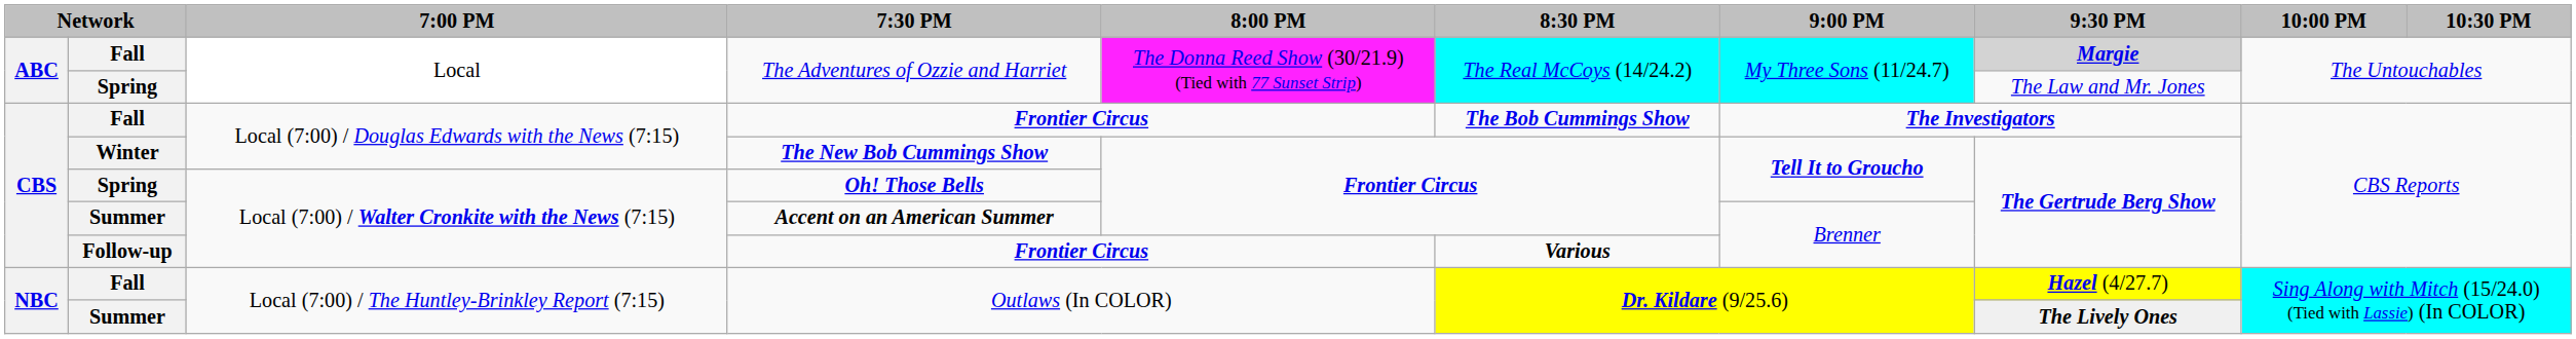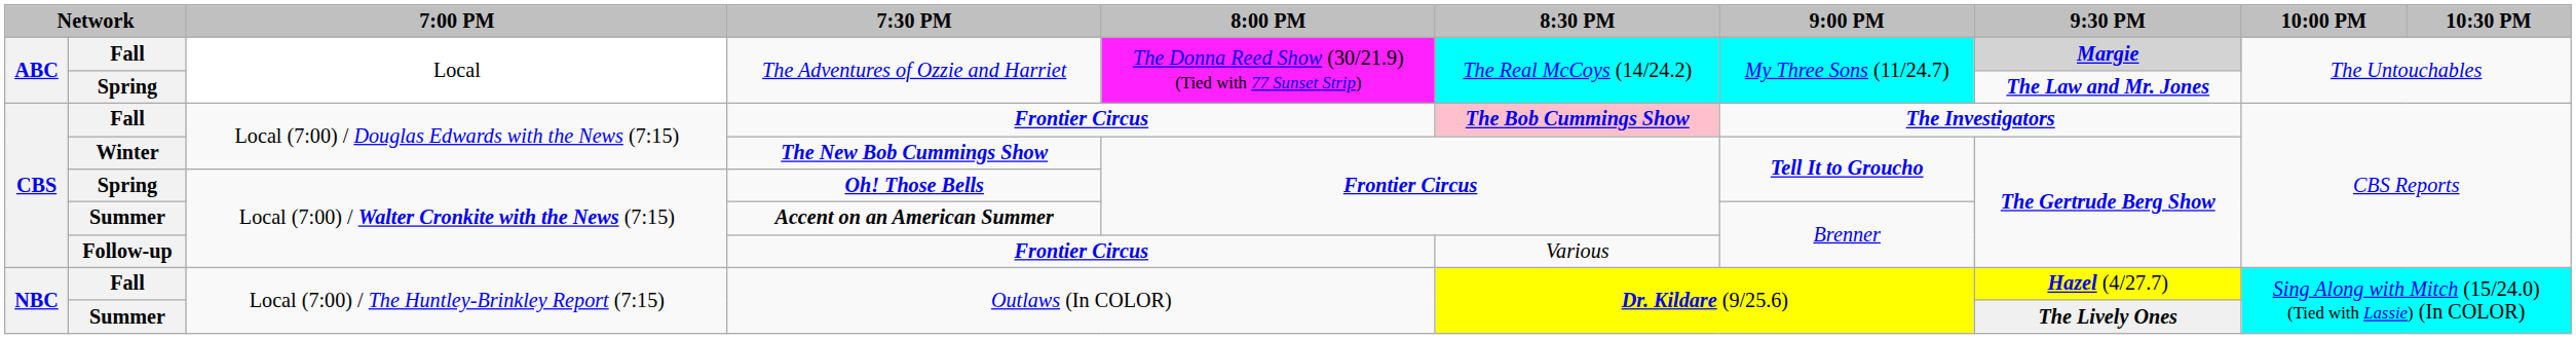 <table class="wikitable" style="width:100%;margin-right:0;text-align:center">
 <tr>
 <th colspan="2" style="background-color:#C0C0C0;text-align:center">Network</th>
 <th style="background-color:#C0C0C0;text-align:center">7:00 PM</th>
 <th style="background-color:#C0C0C0;text-align:center">7:30 PM</th>
 <th style="background-color:#C0C0C0;text-align:center">8:00 PM</th>
 <th style="background-color:#C0C0C0;text-align:center">8:30 PM</th>
 <th style="background-color:#C0C0C0;text-align:center">9:00 PM</th>
 <th style="background-color:#C0C0C0;text-align:center">9:30 PM</th>
 <th style="background-color:#C0C0C0;text-align:center">10:00 PM</th>
 <th style="background-color:#C0C0C0;text-align:center">10:30 PM</th>
 </tr>
 <tr>
 <th rowspan="2"><a href='#'>ABC</a></th>
 <th>Fall</th>
 <td bgcolor="white" rowspan="2">Local</td>
 <td rowspan="2"><em><a href='#'>The Adventures of Ozzie and Harriet</a></em></td>
 <td bgcolor="#FF22FF" rowspan="2"><em><a href='#'>The Donna Reed Show</a></em> (30/21.9)<br><small>(Tied with <em><a href='#'>77 Sunset Strip</a></em>)</small></td>
 <td bgcolor="#00FFFF" rowspan="2"><em><a href='#'>The Real McCoys</a></em> (14/24.2)</td>
 <td bgcolor="#00FFFF" rowspan="2"><em><a href='#'>My Three Sons</a></em> (11/24.7)</td>
 <td style="background: lightgrey;"><strong><em><a href='#'>Margie</a></em></strong></td>
 <td colspan="2" rowspan="2"><em><a href='#'>The Untouchables</a></em></td>
 </tr>
 <tr>
 <th>Spring</th>
-<td><em><a href='#'>The Law and Mr. Jones</a></em></td>
+<td><strong><em><a href='#'>The Law and Mr. Jones</a></em></strong></td>
 </tr>
 <tr>
 <th rowspan="5"><a href='#'>CBS</a></th>
 <th>Fall</th>
 <td rowspan="2">Local (7:00) / <em><a href='#'>Douglas Edwards with the News</a></em> (7:15)</td>
 <td colspan="2"><strong><em><a href='#'>Frontier Circus</a></em></strong></td>
-<td><strong><em><a href='#'>The Bob Cummings Show</a></em></strong></td>
+<td style="background: pink;"><strong><em><a href='#'>The Bob Cummings Show</a></em></strong></td>
 <td colspan="2"><strong><em><a href='#'>The Investigators</a></em></strong></td>
 <td colspan="2" rowspan="5"><em><a href='#'>CBS Reports</a></em></td>
 </tr>
 <tr>
 <th>Winter</th>
 <td><strong><em><a href='#'>The New Bob Cummings Show</a></em></strong></td>
 <td colspan="2" rowspan="3"><strong><em><a href='#'>Frontier Circus</a></em></strong></td>
 <td rowspan="2"><strong><em><a href='#'>Tell It to Groucho</a></em></strong></td>
 <td rowspan="4"><strong><em><a href='#'>The Gertrude Berg Show</a></em></strong></td>
 </tr>
 <tr>
 <th>Spring</th>
 <td rowspan="3">Local (7:00) / <strong><em><a href='#'>Walter Cronkite with the News</a></em></strong> (7:15)</td>
 <td><strong><em><a href='#'>Oh! Those Bells</a></em></strong></td>
 </tr>
 <tr>
 <th>Summer</th>
 <td><strong><em>Accent on an American Summer</em></strong></td>
 <td rowspan="2"><em><a href='#'>Brenner</a></em></td>
 </tr>
 <tr>
 <th>Follow-up</th>
 <td colspan="2"><strong><em><a href='#'>Frontier Circus</a></em></strong></td>
-<td><strong><em>Various</em></strong></td>
+<td><em>Various</em></td>
 </tr>
 <tr>
 <th rowspan="2"><a href='#'>NBC</a></th>
 <th>Fall</th>
 <td rowspan="2">Local (7:00) / <em><a href='#'>The Huntley-Brinkley Report</a></em> (7:15)</td>
 <td colspan="2" rowspan="2"><em><a href='#'>Outlaws</a></em> (In <span>C</span><span>O</span><span>L</span><span>O</span><span>R</span>)</td>
 <td colspan="2" bgcolor="#FFFF00" rowspan="2"><strong><em><a href='#'>Dr. Kildare</a></em></strong> (9/25.6)</td>
 <td bgcolor="#FFFF00"><strong><em><a href='#'>Hazel</a></em></strong> (4/27.7)</td>
 <td colspan="2" bgcolor="#00FFFF" rowspan="2"><em><a href='#'>Sing Along with Mitch</a></em> (15/24.0)<br><small>(Tied with <em><a href='#'>Lassie</a></em>)</small> (In <span>C</span><span>O</span><span>L</span><span>O</span><span>R</span>)</td>
 </tr>
 <tr>
 <th>Summer</th>
 <td bgcolor="#F0F0F0"><strong><em>The Lively Ones</em></strong></td>
 </tr>
 </table>
